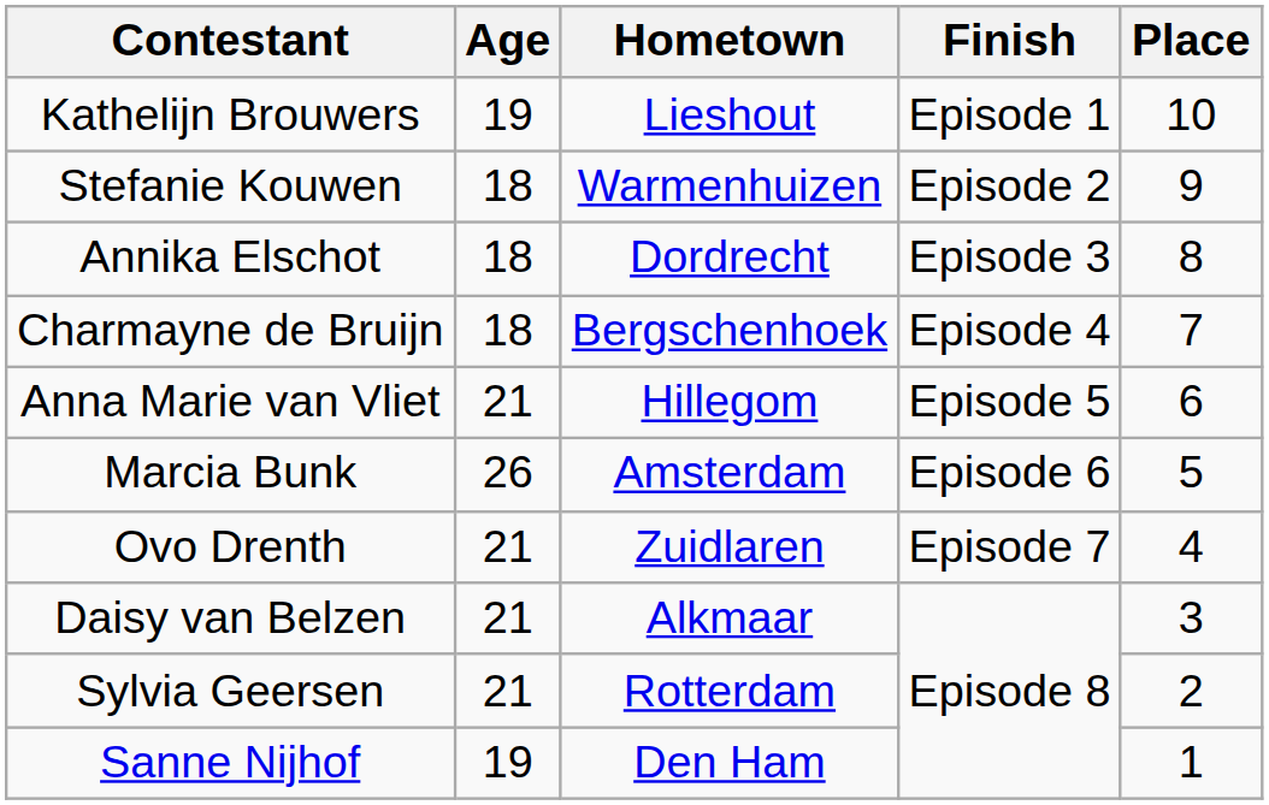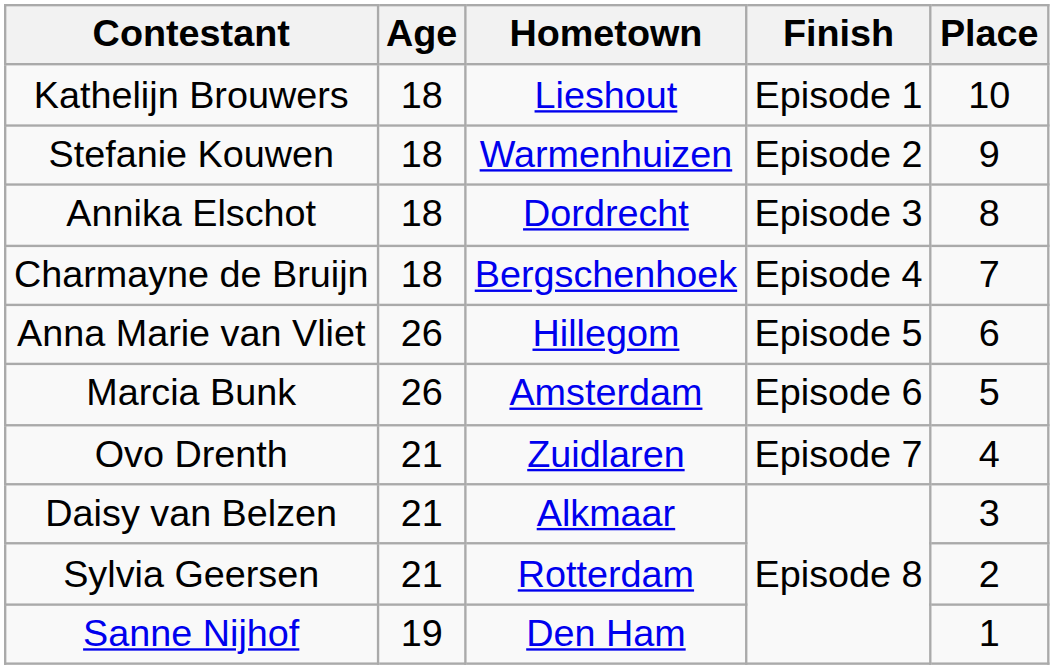 <table class="wikitable sortable" style="text-align:center;">
 <tr>
 <th colspan="1">Contestant</th>
 <th colspan="1">Age</th>
 <th colspan="1">Hometown</th>
 <th colpsan="1">Finish</th>
 <th>Place</th>
 </tr>
 <tr>
 <td>Kathelijn Brouwers</td>
-<td>19</td>
+<td>18</td>
 <td><a href='#'>Lieshout</a></td>
 <td nowrap>Episode 1</td>
 <td>10</td>
 </tr>
 <tr>
 <td>Stefanie Kouwen</td>
 <td>18</td>
 <td><a href='#'>Warmenhuizen</a></td>
 <td>Episode 2</td>
 <td>9</td>
 </tr>
 <tr>
 <td>Annika Elschot</td>
 <td>18</td>
 <td><a href='#'>Dordrecht</a></td>
 <td>Episode 3</td>
 <td>8</td>
 </tr>
 <tr>
 <td nowrap>Charmayne de Bruijn</td>
 <td>18</td>
 <td><a href='#'>Bergschenhoek</a></td>
 <td>Episode 4</td>
 <td>7</td>
 </tr>
 <tr>
 <td>Anna Marie van Vliet</td>
-<td>21</td>
+<td>26</td>
 <td><a href='#'>Hillegom</a></td>
 <td>Episode 5</td>
 <td>6</td>
 </tr>
 <tr>
 <td>Marcia Bunk</td>
 <td>26</td>
 <td><a href='#'>Amsterdam</a></td>
 <td>Episode 6</td>
 <td>5</td>
 </tr>
 <tr>
 <td>Ovo Drenth</td>
 <td>21</td>
 <td><a href='#'>Zuidlaren</a></td>
 <td>Episode 7</td>
 <td>4</td>
 </tr>
 <tr>
 <td>Daisy van Belzen</td>
 <td>21</td>
 <td><a href='#'>Alkmaar</a></td>
 <td rowspan="3">Episode 8</td>
 <td>3</td>
 </tr>
 <tr>
 <td>Sylvia Geersen</td>
 <td>21</td>
 <td><a href='#'>Rotterdam</a></td>
 <td>2</td>
 </tr>
 <tr>
 <td><a href='#'>Sanne Nijhof</a></td>
 <td>19</td>
 <td><a href='#'>Den Ham</a></td>
 <td>1</td>
 </tr>
 </table>
